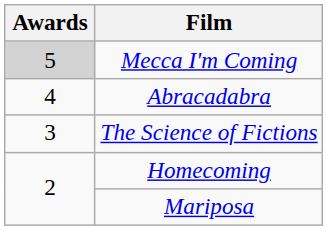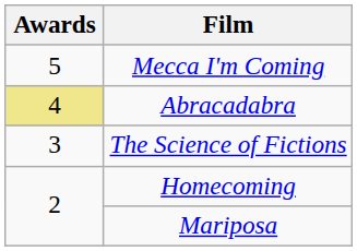 <table class="wikitable plainrowheaders" style="text-align:center;">
 <tr>
 <th scope="col" style="width:55px;">Awards</th>
 <th scope="col" style="text-align:center;">Film</th>
 </tr>
 <tr>
-<td style="background: lightgrey;">5</td>
+<td>5</td>
 <td><em><a href='#'>Mecca I'm Coming</a></em></td>
 </tr>
 <tr>
-<td>4</td>
+<td style="background: khaki;">4</td>
 <td><em><a href='#'>Abracadabra</a></em></td>
 </tr>
 <tr>
 <td>3</td>
 <td><em><a href='#'>The Science of Fictions</a></em></td>
 </tr>
 <tr>
 <td rowspan="2">2</td>
 <td><em><a href='#'>Homecoming</a></em></td>
 </tr>
 <tr>
 <td><em><a href='#'>Mariposa</a></em></td>
 </tr>
 </table>
